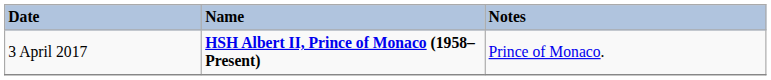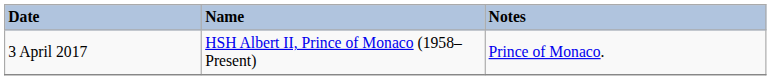 <table class="wikitable" width="75%" style="font-size: 85%; border: gray solid 1px; border-collapse: collapse; text-align: middle;">
 <tr>
 <th style="text-align: left;background:#B0C4DE">Date</th>
 <th width="240" style="text-align: left;background:#B0C4DE">Name</th>
 <th style="text-align: left;background:#B0C4DE">Notes</th>
 </tr>
 <tr>
 <td>3 April 2017</td>
-<td><strong><a href='#'>HSH Albert II, Prince of Monaco</a> (1958–Present)</strong></td>
+<td><a href='#'>HSH Albert II, Prince of Monaco</a> (1958–Present)</td>
 <td><a href='#'>Prince of Monaco</a>.</td>
 </tr>
 <tr>
 </tr>
 </table>
